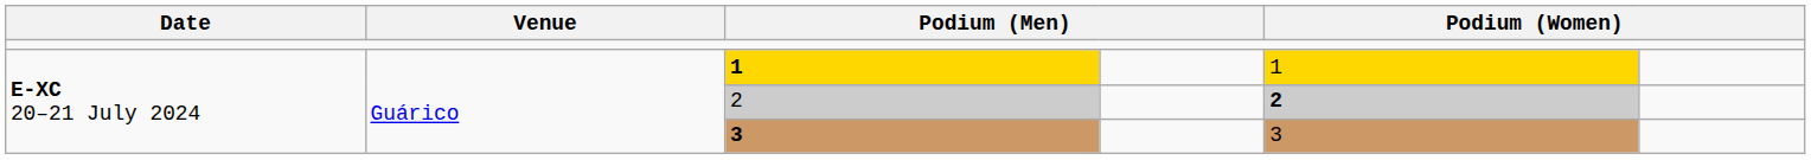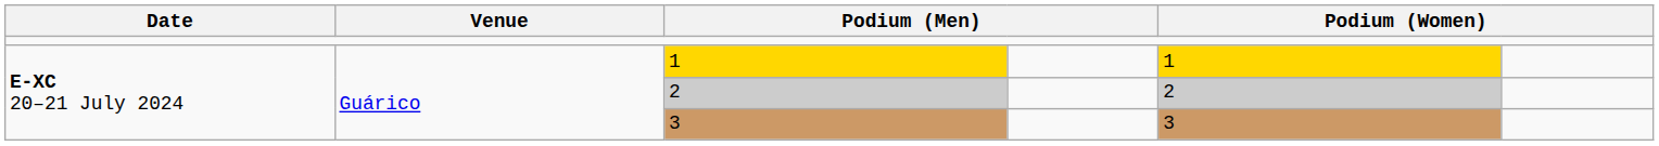 <table class="wikitable" width=70%>
 <tr>
 <th>Date</th>
 <th width=20%>Venue</th>
 <th colspan=2 width=30%>Podium (Men)</th>
 <th colspan=2 width=30%>Podium (Women)</th>
 </tr>
 <tr>
 <td colspan=6></td>
 </tr>
 <tr>
 <td rowspan=3><strong>E-XC</strong> <br> 20–21 July 2024</td>
 <td rowspan=3><br><a href='#'>Guárico</a></td>
-<td bgcolor=FFD700><strong>1</strong></td>
+<td bgcolor=FFD700>1</td>
 <td></td>
 <td bgcolor=FFD700>1</td>
 <td></td>
 </tr>
 <tr>
 <td bgcolor=CCCCCC>2</td>
 <td></td>
-<td bgcolor=CCCCCC><strong>2</strong></td>
+<td bgcolor=CCCCCC>2</td>
 <td></td>
 </tr>
 <tr>
-<td bgcolor=CC9966><strong>3</strong></td>
+<td bgcolor=CC9966>3</td>
 <td></td>
 <td bgcolor=CC9966>3</td>
 <td></td>
 </tr>
 </table>
